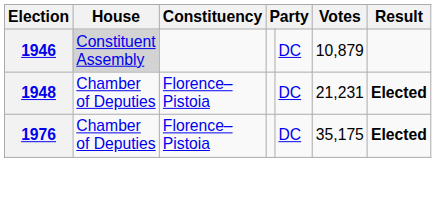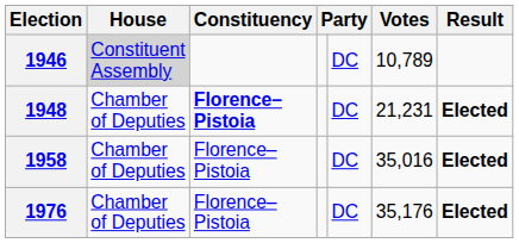 <table class=wikitable style="width:55%; border:1px #AAAAFF solid">
 <tr>
 <th width=12%>Election</th>
 <th width=25%>House</th>
 <th width=25%>Constituency</th>
 <th width=5% colspan="2">Party</th>
 <th width=12%>Votes</th>
 <th width=12%>Result</th>
 </tr>
 <tr>
 <th><a href='#'>1946</a></th>
 <td style="background: lightgrey;"><a href='#'>Constituent Assembly</a></td>
 <td></td>
 <td></td>
 <td><a href='#'>DC</a></td>
-<td>10,879</td>
+<td>10,789</td>
 <td></td>
 </tr>
 <tr>
 <th><a href='#'>1948</a></th>
 <td><a href='#'>Chamber of Deputies</a></td>
+<td><strong><a href='#'>Florence–Pistoia</a></strong></td>
+<td></td>
+<td><a href='#'>DC</a></td>
+<td>21,231</td>
+<td> <strong>Elected</strong></td>
+</tr>
+<tr>
+<th><a href='#'>1958</a></th>
+<td><a href='#'>Chamber of Deputies</a></td>
 <td><a href='#'>Florence–Pistoia</a></td>
 <td></td>
 <td><a href='#'>DC</a></td>
-<td>21,231</td>
+<td>35,016</td>
 <td> <strong>Elected</strong></td>
 </tr>
 <tr>
 <th><a href='#'>1976</a></th>
 <td><a href='#'>Chamber of Deputies</a></td>
 <td><a href='#'>Florence–Pistoia</a></td>
 <td></td>
 <td><a href='#'>DC</a></td>
-<td>35,175</td>
+<td>35,176</td>
 <td> <strong>Elected</strong></td>
 </tr>
 </table>
